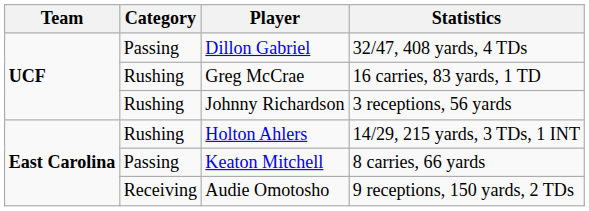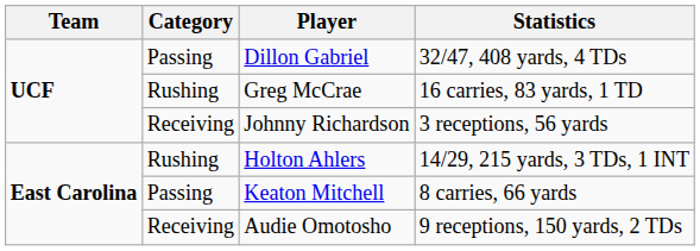 <table class="wikitable" style="float: left;">
 <tr>
 <th>Team</th>
 <th>Category</th>
 <th>Player</th>
 <th>Statistics</th>
 </tr>
 <tr>
 <td rowspan=3><strong>UCF</strong></td>
 <td>Passing</td>
 <td><a href='#'>Dillon Gabriel</a></td>
 <td>32/47, 408 yards, 4 TDs</td>
 </tr>
 <tr>
 <td>Rushing</td>
 <td>Greg McCrae</td>
 <td>16 carries, 83 yards, 1 TD</td>
 </tr>
 <tr>
-<td>Rushing</td>
+<td>Receiving</td>
 <td>Johnny Richardson</td>
 <td>3 receptions, 56 yards</td>
 </tr>
 <tr>
 <td rowspan=3><strong>East Carolina</strong></td>
 <td>Rushing</td>
 <td><a href='#'>Holton Ahlers</a></td>
 <td>14/29, 215 yards, 3 TDs, 1 INT</td>
 </tr>
 <tr>
 <td>Passing</td>
 <td><a href='#'>Keaton Mitchell</a></td>
 <td>8 carries, 66 yards</td>
 </tr>
 <tr>
 <td>Receiving</td>
 <td>Audie Omotosho</td>
 <td>9 receptions, 150 yards, 2 TDs</td>
 </tr>
 </table>
